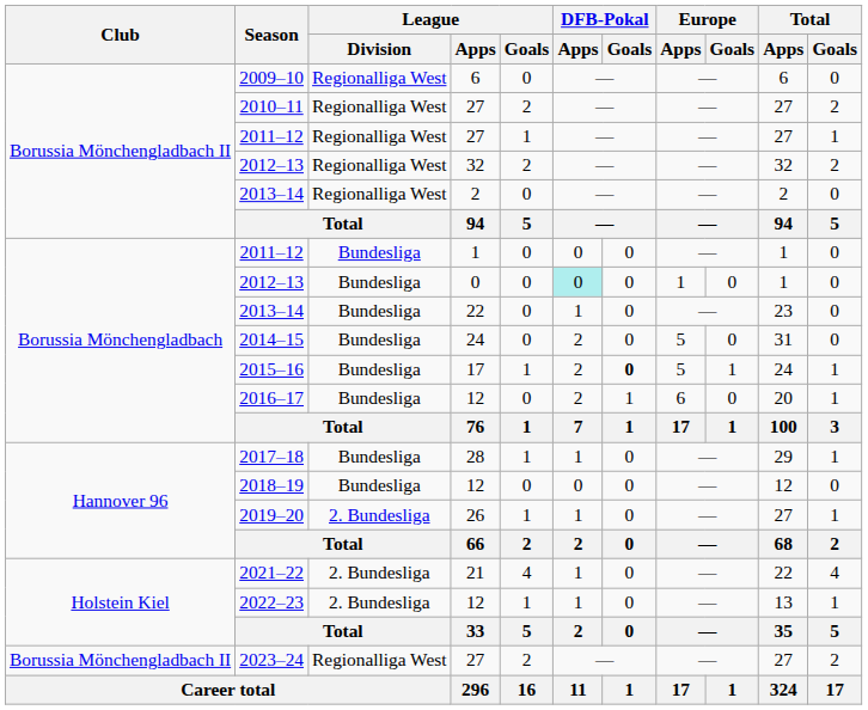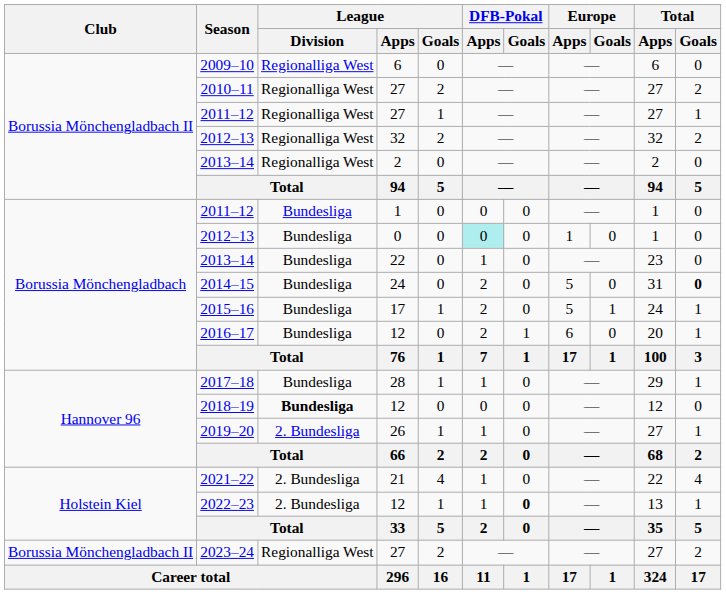 <table class="wikitable" style="text-align:center">
 <tr>
 <th rowspan=2>Club</th>
 <th rowspan=2>Season</th>
 <th colspan=3>League</th>
 <th colspan=2><a href='#'>DFB-Pokal</a></th>
 <th colspan=2>Europe</th>
 <th colspan=2>Total</th>
 </tr>
 <tr>
 <th>Division</th>
 <th>Apps</th>
 <th>Goals</th>
 <th>Apps</th>
 <th>Goals</th>
 <th>Apps</th>
 <th>Goals</th>
 <th>Apps</th>
 <th>Goals</th>
 </tr>
 <tr>
 <td rowspan="6"><a href='#'>Borussia Mönchengladbach II</a></td>
 <td><a href='#'>2009–10</a></td>
 <td><a href='#'>Regionalliga West</a></td>
 <td>6</td>
 <td>0</td>
 <td colspan="2">—</td>
 <td colspan="2">—</td>
 <td>6</td>
 <td>0</td>
 </tr>
 <tr>
 <td><a href='#'>2010–11</a></td>
 <td>Regionalliga West</td>
 <td>27</td>
 <td>2</td>
 <td colspan="2">—</td>
 <td colspan="2">—</td>
 <td>27</td>
 <td>2</td>
 </tr>
 <tr>
 <td><a href='#'>2011–12</a></td>
 <td>Regionalliga West</td>
 <td>27</td>
 <td>1</td>
 <td colspan="2">—</td>
 <td colspan="2">—</td>
 <td>27</td>
 <td>1</td>
 </tr>
 <tr>
 <td><a href='#'>2012–13</a></td>
 <td>Regionalliga West</td>
 <td>32</td>
 <td>2</td>
 <td colspan="2">—</td>
 <td colspan="2">—</td>
 <td>32</td>
 <td>2</td>
 </tr>
 <tr>
 <td><a href='#'>2013–14</a></td>
 <td>Regionalliga West</td>
 <td>2</td>
 <td>0</td>
 <td colspan="2">—</td>
 <td colspan="2">—</td>
 <td>2</td>
 <td>0</td>
 </tr>
 <tr>
 <th colspan="2">Total</th>
 <th>94</th>
 <th>5</th>
 <th colspan="2">—</th>
 <th colspan="2">—</th>
 <th>94</th>
 <th>5</th>
 </tr>
 <tr>
 <td rowspan="7"><a href='#'>Borussia Mönchengladbach</a></td>
 <td><a href='#'>2011–12</a></td>
 <td><a href='#'>Bundesliga</a></td>
 <td>1</td>
 <td>0</td>
 <td>0</td>
 <td>0</td>
 <td colspan="2">—</td>
 <td>1</td>
 <td>0</td>
 </tr>
 <tr>
 <td><a href='#'>2012–13</a></td>
 <td>Bundesliga</td>
 <td>0</td>
 <td>0</td>
 <td style="background: paleturquoise;">0</td>
 <td>0</td>
 <td>1</td>
 <td>0</td>
 <td>1</td>
 <td>0</td>
 </tr>
 <tr>
 <td><a href='#'>2013–14</a></td>
 <td>Bundesliga</td>
 <td>22</td>
 <td>0</td>
 <td>1</td>
 <td>0</td>
 <td colspan="2">—</td>
 <td>23</td>
 <td>0</td>
 </tr>
 <tr>
 <td><a href='#'>2014–15</a></td>
 <td>Bundesliga</td>
 <td>24</td>
 <td>0</td>
 <td>2</td>
 <td>0</td>
 <td>5</td>
 <td>0</td>
 <td>31</td>
-<td>0</td>
+<td><strong>0</strong></td>
 </tr>
 <tr>
 <td><a href='#'>2015–16</a></td>
 <td>Bundesliga</td>
 <td>17</td>
 <td>1</td>
 <td>2</td>
-<td><strong>0</strong></td>
+<td>0</td>
 <td>5</td>
 <td>1</td>
 <td>24</td>
 <td>1</td>
 </tr>
 <tr>
 <td><a href='#'>2016–17</a></td>
 <td>Bundesliga</td>
 <td>12</td>
 <td>0</td>
 <td>2</td>
 <td>1</td>
 <td>6</td>
 <td>0</td>
 <td>20</td>
 <td>1</td>
 </tr>
 <tr>
 <th colspan="2">Total</th>
 <th>76</th>
 <th>1</th>
 <th>7</th>
 <th>1</th>
 <th>17</th>
 <th>1</th>
 <th>100</th>
 <th>3</th>
 </tr>
 <tr>
 <td rowspan="4"><a href='#'>Hannover 96</a></td>
 <td><a href='#'>2017–18</a></td>
 <td>Bundesliga</td>
 <td>28</td>
 <td>1</td>
 <td>1</td>
 <td>0</td>
 <td colspan="2">—</td>
 <td>29</td>
 <td>1</td>
 </tr>
 <tr>
 <td><a href='#'>2018–19</a></td>
-<td>Bundesliga</td>
+<td><strong>Bundesliga</strong></td>
 <td>12</td>
 <td>0</td>
 <td>0</td>
 <td>0</td>
 <td colspan="2">—</td>
 <td>12</td>
 <td>0</td>
 </tr>
 <tr>
 <td><a href='#'>2019–20</a></td>
 <td><a href='#'>2. Bundesliga</a></td>
 <td>26</td>
 <td>1</td>
 <td>1</td>
 <td>0</td>
 <td colspan="2">—</td>
 <td>27</td>
 <td>1</td>
 </tr>
 <tr>
 <th colspan="2">Total</th>
 <th>66</th>
 <th>2</th>
 <th>2</th>
 <th>0</th>
 <th colspan="2">—</th>
 <th>68</th>
 <th>2</th>
 </tr>
 <tr>
 <td rowspan="3"><a href='#'>Holstein Kiel</a></td>
 <td><a href='#'>2021–22</a></td>
 <td>2. Bundesliga</td>
 <td>21</td>
 <td>4</td>
 <td>1</td>
 <td>0</td>
 <td colspan="2">—</td>
 <td>22</td>
 <td>4</td>
 </tr>
 <tr>
 <td><a href='#'>2022–23</a></td>
 <td>2. Bundesliga</td>
 <td>12</td>
 <td>1</td>
 <td>1</td>
-<td>0</td>
+<td><strong>0</strong></td>
 <td colspan="2">—</td>
 <td>13</td>
 <td>1</td>
 </tr>
 <tr>
 <th colspan="2">Total</th>
 <th>33</th>
 <th>5</th>
 <th>2</th>
 <th>0</th>
 <th colspan="2">—</th>
 <th>35</th>
 <th>5</th>
 </tr>
 <tr>
 <td rowspan="1"><a href='#'>Borussia Mönchengladbach II</a></td>
 <td><a href='#'>2023–24</a></td>
 <td>Regionalliga West</td>
 <td>27</td>
 <td>2</td>
 <td colspan="2">—</td>
 <td colspan="2">—</td>
 <td>27</td>
 <td>2</td>
 </tr>
 <tr>
 <th colspan="3">Career total</th>
 <th>296</th>
 <th>16</th>
 <th>11</th>
 <th>1</th>
 <th>17</th>
 <th>1</th>
 <th>324</th>
 <th>17</th>
 </tr>
 </table>
